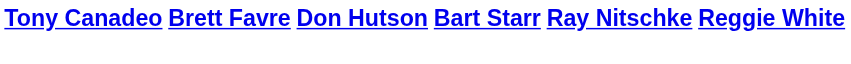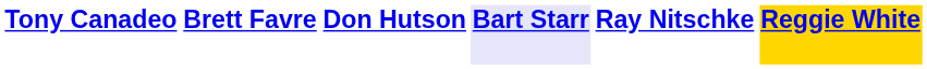 <table class="toccolours" style="text-align:center; ">
 <tr>
 <td></td>
 <td></td>
 <td></td>
 <td></td>
 <td></td>
 <td></td>
 </tr>
 <tr>
 <td><strong><a href='#'><span>Tony Canadeo</span></a></strong><br><br></td>
 <td><strong><a href='#'><span>Brett Favre</span></a></strong><br><br></td>
 <td><strong><a href='#'><span>Don Hutson</span></a></strong><br><br></td>
-<td><strong><a href='#'><span>Bart Starr</span></a></strong><br><br></td>
+<td style="background: lavender;"><strong><a href='#'><span>Bart Starr</span></a></strong><br><br></td>
 <td><strong><a href='#'><span>Ray Nitschke</span></a></strong><br><br></td>
-<td><strong><a href='#'><span>Reggie White</span></a></strong><br><br></td>
+<td style="background: gold;"><strong><a href='#'><span>Reggie White</span></a></strong><br><br></td>
 </tr>
 </table>
